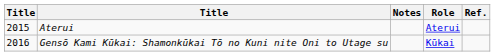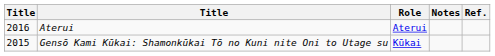 <table class="wikitable">
 <tr>
 <th>Title</th>
 <th>Title</th>
+<th>Role</th>
 <th>Notes</th>
-<th>Role</th>
 <th>Ref.</th>
 </tr>
 <tr>
-<td>2015</td>
+<td>2016</td>
 <td><em>Aterui</em></td>
+<td><a href='#'>Aterui</a></td>
 <td></td>
-<td><a href='#'>Aterui</a></td>
 <td></td>
 </tr>
 <tr>
-<td>2016</td>
+<td>2015</td>
 <td><em>Gensō Kami Kūkai: Shamonkūkai Tō no Kuni nite Oni to Utage su</em></td>
+<td><a href='#'>Kūkai</a></td>
 <td></td>
-<td><a href='#'>Kūkai</a></td>
 <td></td>
 </tr>
 </table>
